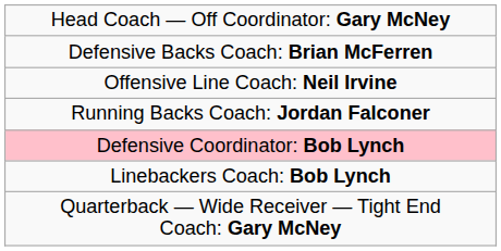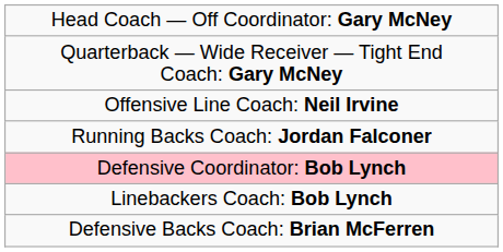 <table class="wikitable" style="width: 25em; text-align: center;">
 <tr>
 <td>Head Coach — Off Coordinator:  <strong>Gary McNey</strong></td>
 </tr>
 <tr>
-<td>Defensive Backs Coach:  <strong>Brian McFerren</strong></td>
+<td>Quarterback — Wide Receiver — Tight End<br>Coach: <strong>Gary McNey</strong></td>
 </tr>
 <tr>
 <td>Offensive Line Coach:  <strong>Neil Irvine</strong></td>
 </tr>
 <tr>
 <td>Running Backs Coach:  <strong>Jordan Falconer</strong></td>
 </tr>
 <tr>
 <td style="background: pink;">Defensive Coordinator:  <strong>Bob Lynch</strong></td>
 </tr>
 <tr>
 <td>Linebackers Coach:  <strong>Bob Lynch</strong></td>
 </tr>
 <tr>
-<td>Quarterback — Wide Receiver — Tight End<br>Coach: <strong>Gary McNey</strong></td>
+<td>Defensive Backs Coach:  <strong>Brian McFerren</strong></td>
 </tr>
 </table>
